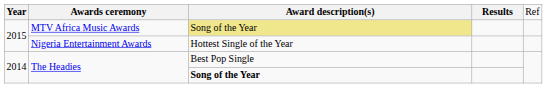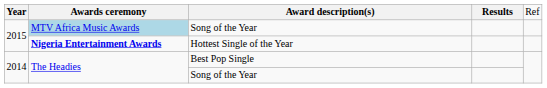 <table class="wikitable">
 <tr>
 <th>Year</th>
 <th style="width:250px;">Awards ceremony</th>
 <th style="width:450px;">Award description(s)</th>
 <th style="width:75px;">Results</th>
 <td>Ref</td>
 </tr>
 <tr>
 <td rowspan="2">2015</td>
-<td><a href='#'>MTV Africa Music Awards</a></td>
-<td style="background: khaki;">Song of the Year</td>
+<td style="background: lightblue;"><a href='#'>MTV Africa Music Awards</a></td>
+<td>Song of the Year</td>
 <td></td>
 <td></td>
 </tr>
 <tr>
-<td><a href='#'>Nigeria Entertainment Awards</a></td>
+<td><strong><a href='#'>Nigeria Entertainment Awards</a></strong></td>
 <td>Hottest Single of the Year</td>
 <td></td>
 <td></td>
 </tr>
 <tr>
 <td rowspan="2">2014</td>
 <td rowspan="2"><a href='#'>The Headies</a></td>
 <td>Best Pop Single</td>
 <td></td>
 <td rowspan="2"></td>
 </tr>
 <tr>
-<td><strong>Song of the Year</strong></td>
+<td>Song of the Year</td>
 <td></td>
 </tr>
 </table>
